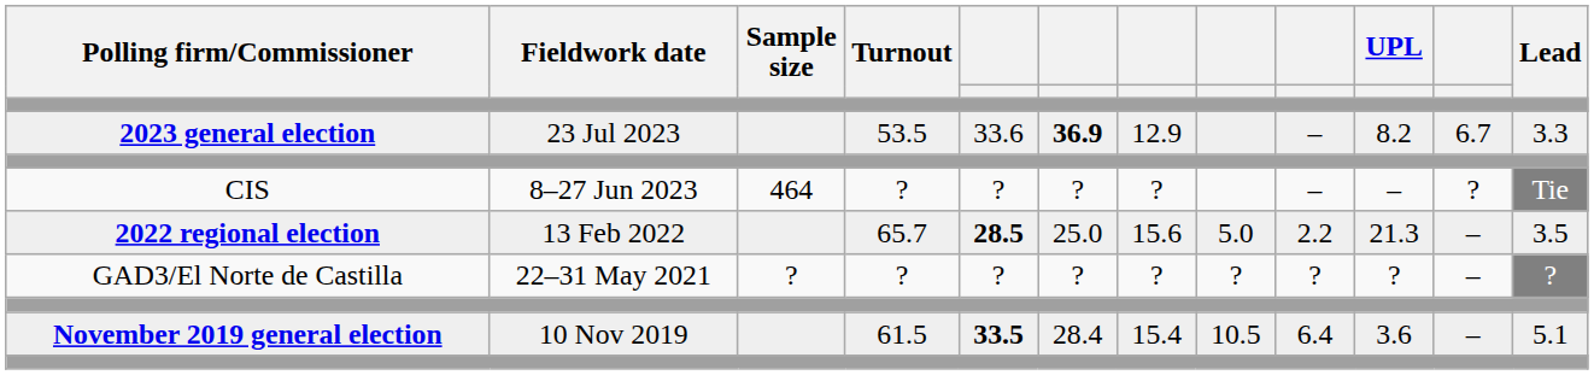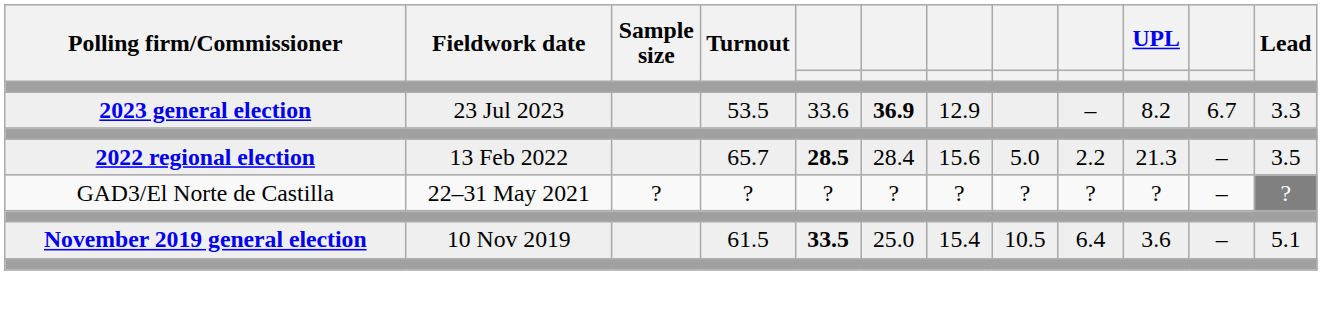 <table class="wikitable collapsible collapsed" style="text-align:center; font-size:95%; line-height:16px;">
 <tr style="height:42px;">
 <th style="width:250px;" rowspan="2">Polling firm/Commissioner</th>
 <th style="width:125px;" rowspan="2">Fieldwork date</th>
 <th style="width:50px;" rowspan="2">Sample size</th>
 <th style="width:45px;" rowspan="2">Turnout</th>
 <th style="width:35px;"></th>
 <th style="width:35px;"></th>
 <th style="width:35px;"></th>
 <th style="width:35px;"></th>
 <th style="width:35px;"></th>
 <th style="width:35px;"><a href='#'>UPL</a></th>
 <th style="width:35px;"></th>
 <th style="width:30px;" rowspan="2">Lead</th>
 </tr>
 <tr>
 <th style="color:inherit;background:"></th>
 <th style="color:inherit;background:"></th>
 <th style="color:inherit;background:"></th>
 <th style="color:inherit;background:"></th>
 <th style="color:inherit;background:"></th>
 <th style="color:inherit;background:"></th>
 <th style="color:inherit;background:"></th>
 </tr>
 <tr>
 <td colspan="12" style="background:#A0A0A0"></td>
 </tr>
 <tr style="background:#EFEFEF;">
 <td><strong><a href='#'>2023 general election</a></strong></td>
 <td>23 Jul 2023</td>
 <td></td>
 <td>53.5</td>
 <td>33.6<br></td>
 <td><strong>36.9</strong><br></td>
 <td>12.9<br></td>
 <td></td>
 <td>–</td>
 <td>8.2<br></td>
 <td>6.7<br></td>
 <td style="background:">3.3</td>
 </tr>
 <tr>
 <td colspan="12" style="background:#A0A0A0"></td>
 </tr>
-<tr>
-<td>CIS</td>
-<td>8–27 Jun 2023</td>
-<td>464</td>
-<td>?</td>
-<td>?<br></td>
-<td>?<br></td>
-<td>?<br></td>
-<td></td>
-<td>–</td>
-<td>–</td>
-<td>?<br></td>
-<td style="background:gray; color:white;">Tie</td>
-</tr>
 <tr style="background:#EFEFEF;">
 <td><strong><a href='#'>2022 regional election</a></strong></td>
 <td>13 Feb 2022</td>
 <td></td>
 <td>65.7</td>
 <td><strong>28.5</strong><br></td>
-<td>25.0<br></td>
+<td>28.4<br></td>
 <td>15.6<br></td>
 <td>5.0<br></td>
 <td>2.2<br></td>
 <td>21.3<br></td>
 <td>–</td>
 <td style="background:">3.5</td>
 </tr>
 <tr>
 <td>GAD3/El Norte de Castilla</td>
 <td>22–31 May 2021</td>
 <td>?</td>
 <td>?</td>
 <td>?<br></td>
 <td>?<br></td>
 <td>?<br></td>
 <td>?<br></td>
 <td>?<br></td>
 <td>?<br></td>
 <td>–</td>
 <td style="background:grey; color:white;">?</td>
 </tr>
 <tr>
 <td colspan="12" style="background:#A0A0A0"></td>
 </tr>
 <tr style="background:#EFEFEF;">
 <td><strong><a href='#'>November 2019 general election</a></strong></td>
 <td>10 Nov 2019</td>
 <td></td>
 <td>61.5</td>
 <td><strong>33.5</strong><br></td>
-<td>28.4<br></td>
+<td>25.0<br></td>
 <td>15.4<br></td>
 <td>10.5<br></td>
 <td>6.4<br></td>
 <td>3.6<br></td>
 <td>–</td>
 <td style="background:">5.1</td>
 </tr>
 <tr>
 <td colspan="12" style="background:#A0A0A0"></td>
 </tr>
 </table>
